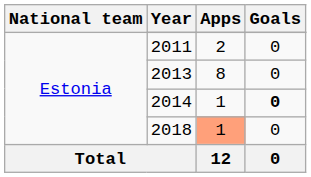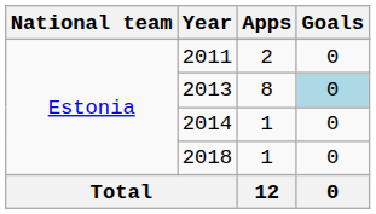 <table class=wikitable style="text-align: center;">
 <tr>
 <th>National team</th>
 <th>Year</th>
 <th>Apps</th>
 <th>Goals</th>
 </tr>
 <tr>
 <td rowspan=5><a href='#'>Estonia</a></td>
 </tr>
 <tr>
 <td>2011</td>
 <td>2</td>
 <td>0</td>
 </tr>
 <tr>
 <td>2013</td>
 <td>8</td>
-<td>0</td>
+<td style="background: lightblue;">0</td>
 </tr>
 <tr>
 <td>2014</td>
 <td>1</td>
-<td><strong>0</strong></td>
+<td>0</td>
 </tr>
 <tr>
 <td>2018</td>
-<td style="background: lightsalmon;">1</td>
+<td>1</td>
 <td>0</td>
 </tr>
 <tr>
 <th colspan=2>Total</th>
 <th>12</th>
 <th>0</th>
 </tr>
 </table>
